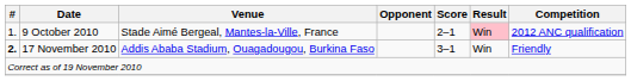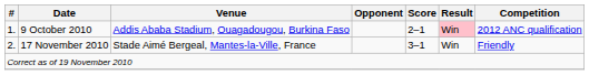 <table class="wikitable" style="font-size:95%;">
 <tr>
 <th>#</th>
 <th>Date</th>
 <th>Venue</th>
 <th>Opponent</th>
 <th>Score</th>
 <th>Result</th>
 <th>Competition</th>
 </tr>
 <tr>
 <td>1.</td>
 <td>9 October 2010</td>
-<td>Stade Aimé Bergeal, <a href='#'>Mantes-la-Ville</a>, France</td>
+<td><a href='#'>Addis Ababa Stadium</a>, <a href='#'>Ouagadougou</a>, <a href='#'>Burkina Faso</a></td>
 <td></td>
 <td>2–1</td>
 <td style="background: pink;">Win</td>
 <td><a href='#'>2012 ANC qualification</a></td>
 </tr>
 <tr>
-<td><strong>2.</strong></td>
+<td>2.</td>
 <td>17 November 2010</td>
-<td><a href='#'>Addis Ababa Stadium</a>, <a href='#'>Ouagadougou</a>, <a href='#'>Burkina Faso</a></td>
+<td>Stade Aimé Bergeal, <a href='#'>Mantes-la-Ville</a>, France</td>
 <td></td>
 <td>3–1</td>
 <td>Win</td>
 <td><a href='#'>Friendly</a></td>
 </tr>
 <tr>
 <td colspan="12"><small><em>Correct as of 19 November 2010</em></small></td>
 </tr>
 <tr>
 </tr>
 </table>
